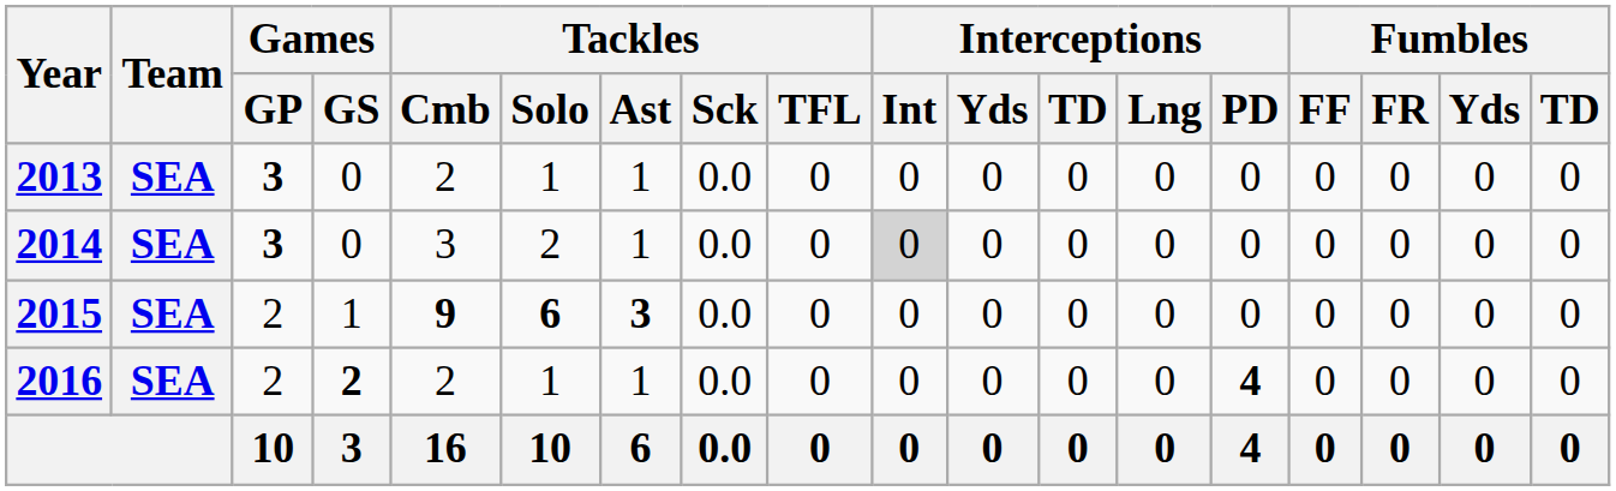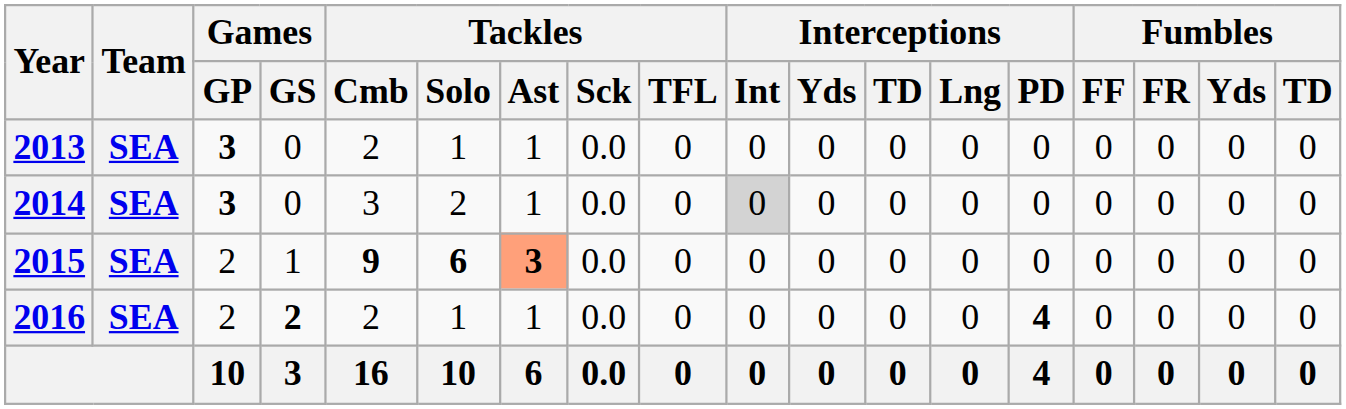 <table class="wikitable" style="text-align:center">
 <tr>
 <th rowspan="2">Year</th>
 <th rowspan="2">Team</th>
 <th colspan="2">Games</th>
 <th colspan="5">Tackles</th>
 <th colspan="5">Interceptions</th>
 <th colspan="4">Fumbles</th>
 </tr>
 <tr>
 <th>GP</th>
 <th>GS</th>
 <th>Cmb</th>
 <th>Solo</th>
 <th>Ast</th>
 <th>Sck</th>
 <th>TFL</th>
 <th>Int</th>
 <th>Yds</th>
 <th>TD</th>
 <th>Lng</th>
 <th>PD</th>
 <th>FF</th>
 <th>FR</th>
 <th>Yds</th>
 <th>TD</th>
 </tr>
 <tr>
 <th><a href='#'>2013</a></th>
 <th><a href='#'>SEA</a></th>
 <td><strong>3</strong></td>
 <td>0</td>
 <td>2</td>
 <td>1</td>
 <td>1</td>
 <td>0.0</td>
 <td>0</td>
 <td>0</td>
 <td>0</td>
 <td>0</td>
 <td>0</td>
 <td>0</td>
 <td>0</td>
 <td>0</td>
 <td>0</td>
 <td>0</td>
 </tr>
 <tr>
 <th><a href='#'>2014</a></th>
 <th><a href='#'>SEA</a></th>
 <td><strong>3</strong></td>
 <td>0</td>
 <td>3</td>
 <td>2</td>
 <td>1</td>
 <td>0.0</td>
 <td>0</td>
 <td style="background: lightgrey;">0</td>
 <td>0</td>
 <td>0</td>
 <td>0</td>
 <td>0</td>
 <td>0</td>
 <td>0</td>
 <td>0</td>
 <td>0</td>
 </tr>
 <tr>
 <th><a href='#'>2015</a></th>
 <th><a href='#'>SEA</a></th>
 <td>2</td>
 <td>1</td>
 <td><strong>9</strong></td>
 <td><strong>6</strong></td>
-<td><strong>3</strong></td>
+<td style="background: lightsalmon;"><strong>3</strong></td>
 <td>0.0</td>
 <td>0</td>
 <td>0</td>
 <td>0</td>
 <td>0</td>
 <td>0</td>
 <td>0</td>
 <td>0</td>
 <td>0</td>
 <td>0</td>
 <td>0</td>
 </tr>
 <tr>
 <th><a href='#'>2016</a></th>
 <th><a href='#'>SEA</a></th>
 <td>2</td>
 <td><strong>2</strong></td>
 <td>2</td>
 <td>1</td>
 <td>1</td>
 <td>0.0</td>
 <td>0</td>
 <td>0</td>
 <td>0</td>
 <td>0</td>
 <td>0</td>
 <td><strong>4</strong></td>
 <td>0</td>
 <td>0</td>
 <td>0</td>
 <td>0</td>
 </tr>
 <tr>
 <th colspan="2"></th>
 <th>10</th>
 <th>3</th>
 <th>16</th>
 <th>10</th>
 <th>6</th>
 <th>0.0</th>
 <th>0</th>
 <th>0</th>
 <th>0</th>
 <th>0</th>
 <th>0</th>
 <th>4</th>
 <th>0</th>
 <th>0</th>
 <th>0</th>
 <th>0</th>
 </tr>
 </table>
